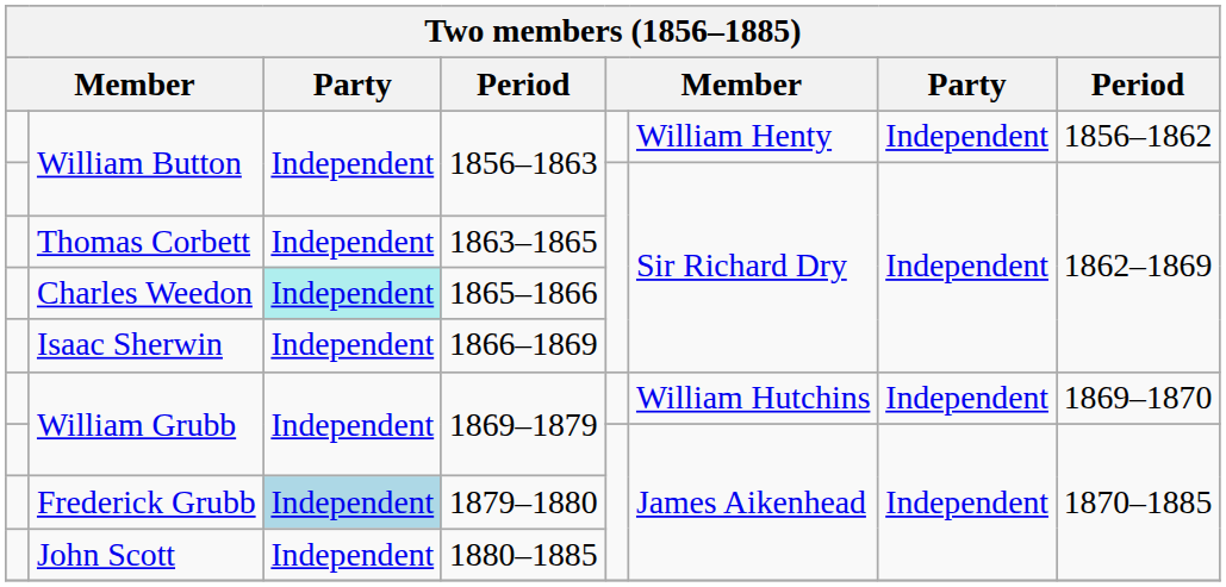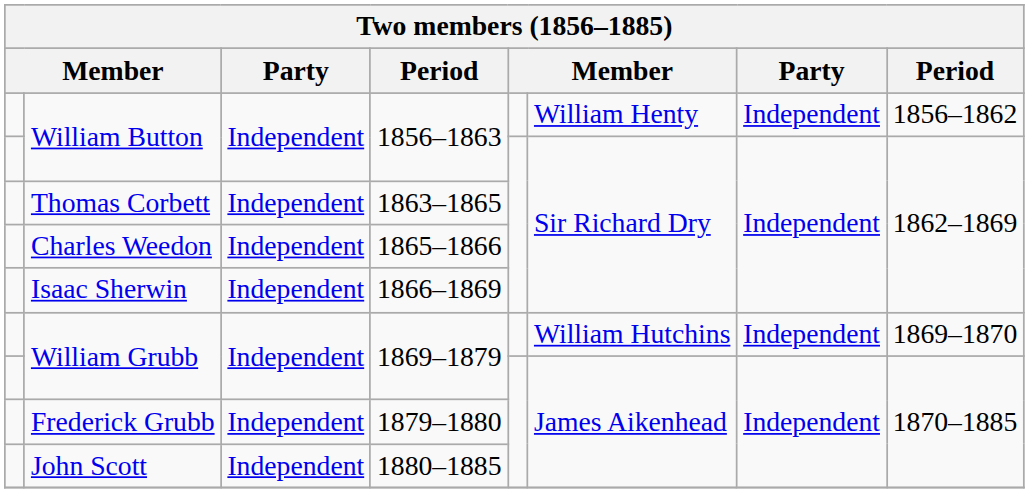 <table class="wikitable">
 <tr>
 <th colspan="8">Two members (1856–1885)</th>
 </tr>
 <tr>
 <th colspan="2">Member</th>
 <th>Party</th>
 <th>Period</th>
 <th colspan="2">Member</th>
 <th>Party</th>
 <th>Period</th>
 </tr>
 <tr>
 <td> </td>
 <td rowspan="2"><a href='#'>William Button</a></td>
 <td rowspan="2"><a href='#'>Independent</a></td>
 <td rowspan="2">1856–1863</td>
 <td> </td>
 <td><a href='#'>William Henty</a></td>
 <td><a href='#'>Independent</a></td>
 <td>1856–1862</td>
 </tr>
 <tr>
 <td> </td>
 <td rowspan="4" > </td>
 <td rowspan="4"><a href='#'>Sir Richard Dry</a></td>
 <td rowspan="4"><a href='#'>Independent</a></td>
 <td rowspan="4">1862–1869</td>
 </tr>
 <tr>
 <td> </td>
 <td><a href='#'>Thomas Corbett</a></td>
 <td><a href='#'>Independent</a></td>
 <td>1863–1865</td>
 </tr>
 <tr>
 <td> </td>
 <td><a href='#'>Charles Weedon</a></td>
-<td style="background: paleturquoise;"><a href='#'>Independent</a></td>
+<td><a href='#'>Independent</a></td>
 <td>1865–1866</td>
 </tr>
 <tr>
 <td> </td>
 <td><a href='#'>Isaac Sherwin</a></td>
 <td><a href='#'>Independent</a></td>
 <td>1866–1869</td>
 </tr>
 <tr>
 <td> </td>
 <td rowspan="2"><a href='#'>William Grubb</a></td>
 <td rowspan="2"><a href='#'>Independent</a></td>
 <td rowspan="2">1869–1879</td>
 <td> </td>
 <td><a href='#'>William Hutchins</a></td>
 <td><a href='#'>Independent</a></td>
 <td>1869–1870</td>
 </tr>
 <tr>
 <td> </td>
 <td rowspan="3" > </td>
 <td rowspan="3"><a href='#'>James Aikenhead</a></td>
 <td rowspan="3"><a href='#'>Independent</a></td>
 <td rowspan="3">1870–1885</td>
 </tr>
 <tr>
 <td> </td>
 <td><a href='#'>Frederick Grubb</a></td>
-<td style="background: lightblue;"><a href='#'>Independent</a></td>
+<td><a href='#'>Independent</a></td>
 <td>1879–1880</td>
 </tr>
 <tr>
 <td> </td>
 <td><a href='#'>John Scott</a></td>
 <td><a href='#'>Independent</a></td>
 <td>1880–1885</td>
 </tr>
 <tr>
 </tr>
 </table>
